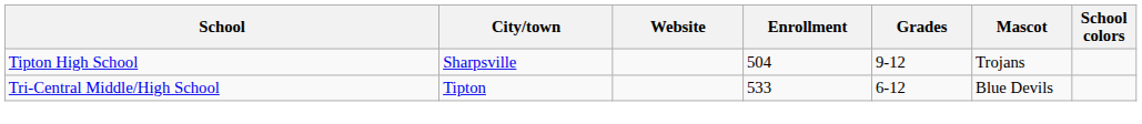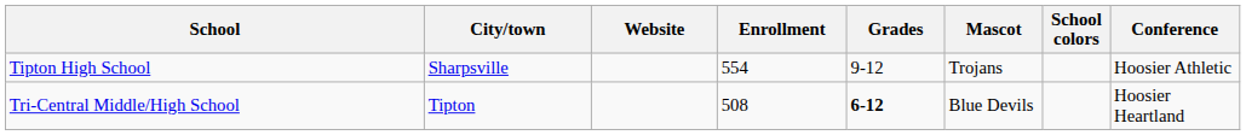 <table class="wikitable sortable" width="70%">
 <tr>
 <th width="20%">School</th>
 <th width="08%">City/town</th>
 <th width="06%">Website</th>
 <th width="04%">Enrollment</th>
 <th width="04%">Grades</th>
 <th width="04%">Mascot</th>
 <th width=01%>School colors</th>
+<th width="04%">Conference</th>
 </tr>
 <tr>
 <td><a href='#'>Tipton High School</a></td>
 <td><a href='#'>Sharpsville</a></td>
 <td></td>
-<td>504</td>
+<td>554</td>
 <td>9-12</td>
 <td>Trojans</td>
 <td> </td>
+<td>Hoosier Athletic</td>
 </tr>
 <tr>
 <td><a href='#'>Tri-Central Middle/High School</a></td>
 <td><a href='#'>Tipton</a></td>
 <td></td>
-<td>533</td>
-<td>6-12</td>
+<td>508</td>
+<td><strong>6-12</strong></td>
 <td>Blue Devils</td>
 <td>  </td>
+<td>Hoosier Heartland</td>
 </tr>
 </table>
